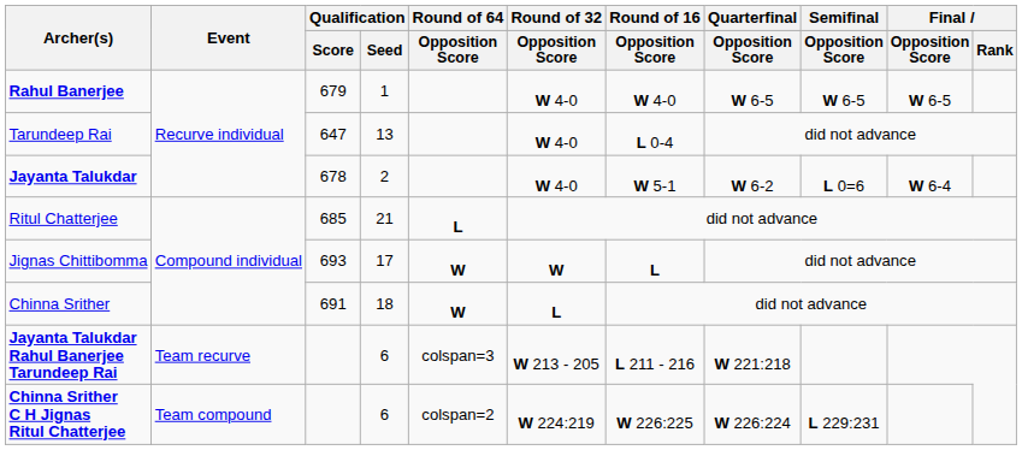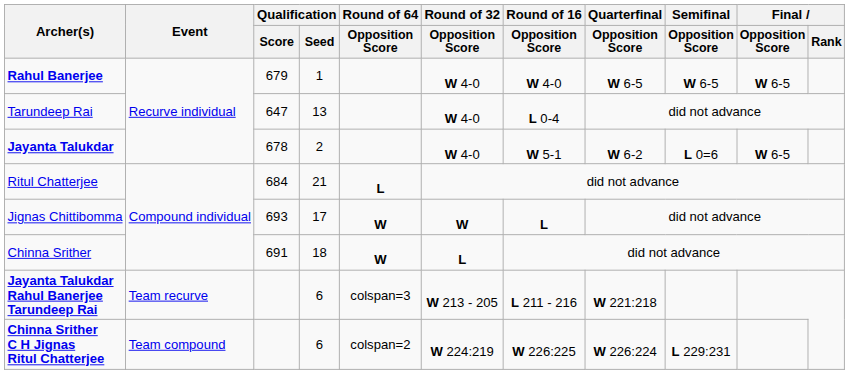 <table class="wikitable" style="font-size:90%">
 <tr>
 <th rowspan="2">Archer(s)</th>
 <th rowspan="2">Event</th>
 <th colspan="2">Qualification</th>
 <th>Round of 64</th>
 <th>Round of 32</th>
 <th>Round of 16</th>
 <th>Quarterfinal</th>
 <th>Semifinal</th>
 <th colspan="2">Final / </th>
 </tr>
 <tr style="font-size:95%">
 <th>Score</th>
 <th>Seed</th>
 <th>Opposition<br>Score</th>
 <th>Opposition<br>Score</th>
 <th>Opposition<br>Score</th>
 <th>Opposition<br>Score</th>
 <th>Opposition<br>Score</th>
 <th>Opposition<br>Score</th>
 <th>Rank</th>
 </tr>
 <tr align=center>
 <td align=left><strong><a href='#'>Rahul Banerjee</a></strong></td>
 <td align=left rowspan=3><a href='#'>Recurve individual</a></td>
 <td>679</td>
 <td>1</td>
 <td></td>
 <td><br><strong>W</strong> 4-0</td>
 <td><br><strong>W</strong> 4-0</td>
 <td><br><strong>W</strong> 6-5</td>
 <td><br><strong>W</strong> 6-5</td>
 <td><br><strong>W</strong> 6-5</td>
 <td></td>
 </tr>
 <tr align=center>
 <td align=left><a href='#'>Tarundeep Rai</a></td>
 <td>647</td>
 <td>13</td>
 <td></td>
 <td><br><strong>W</strong> 4-0</td>
 <td><br><strong>L</strong> 0-4</td>
 <td colspan=4>did not advance</td>
 </tr>
 <tr align=center>
 <td align=left><strong><a href='#'>Jayanta Talukdar</a></strong></td>
 <td>678</td>
 <td>2</td>
 <td></td>
 <td><br><strong>W</strong> 4-0</td>
 <td><br><strong>W</strong> 5-1</td>
 <td><br><strong>W</strong> 6-2</td>
 <td><br><strong>L</strong> 0=6</td>
-<td><br><strong>W</strong> 6-4</td>
+<td><br><strong>W</strong> 6-5</td>
 <td></td>
 </tr>
 <tr align=center>
 <td align=left><a href='#'>Ritul Chatterjee</a></td>
 <td align=left rowspan=3><a href='#'>Compound individual</a></td>
-<td>685</td>
+<td>684</td>
 <td>21</td>
 <td><br><strong>L</strong></td>
 <td colspan=6>did not advance</td>
 </tr>
 <tr align=center>
 <td align=left><a href='#'>Jignas Chittibomma</a></td>
 <td>693</td>
 <td>17</td>
 <td><br><strong>W</strong></td>
 <td><br><strong>W</strong></td>
 <td><br><strong>L</strong></td>
 <td colspan=4>did not advance</td>
 </tr>
 <tr align=center>
 <td align=left><a href='#'>Chinna Srither</a></td>
 <td>691</td>
 <td>18</td>
 <td><br><strong>W</strong></td>
 <td><br><strong>L</strong></td>
 <td colspan=5>did not advance</td>
 </tr>
 <tr align=center>
 <td align=left><strong><a href='#'>Jayanta Talukdar</a> <br> <a href='#'>Rahul Banerjee</a> <br> <a href='#'>Tarundeep Rai</a></strong></td>
 <td align=left><a href='#'>Team recurve</a></td>
 <td></td>
 <td>6</td>
 <td>colspan=3 </td>
 <td><br><strong>W</strong> 213 - 205</td>
 <td><br><strong>L</strong> 211 - 216</td>
 <td><br><strong>W</strong> 221:218</td>
 <td></td>
 </tr>
 <tr align=center>
 <td align=left><strong><a href='#'>Chinna Srither</a> <br> <a href='#'>C H Jignas</a> <br> <a href='#'>Ritul Chatterjee</a></strong></td>
 <td align=left><a href='#'>Team compound</a></td>
 <td></td>
 <td>6</td>
 <td>colspan=2 </td>
 <td><br><strong>W</strong> 224:219</td>
 <td><br><strong>W</strong> 226:225</td>
 <td><br><strong>W</strong> 226:224</td>
 <td><br><strong>L</strong> 229:231</td>
 <td></td>
 </tr>
 </table>
